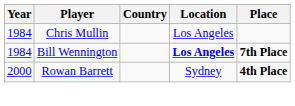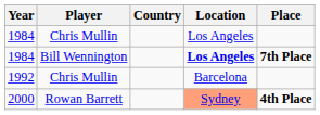 <table class="wikitable"; style = "text-align:center">
 <tr>
 <th width=px>Year</th>
 <th width=px>Player</th>
 <th width=px>Country</th>
 <th width=px>Location</th>
 <th width=px>Place</th>
 </tr>
 <tr>
 <td><a href='#'>1984</a></td>
 <td><a href='#'>Chris Mullin</a></td>
 <td></td>
 <td><a href='#'>Los Angeles</a></td>
 <td></td>
 </tr>
 <tr>
 <td><a href='#'>1984</a></td>
 <td><a href='#'>Bill Wennington</a></td>
 <td></td>
 <td><strong><a href='#'>Los Angeles</a></strong></td>
 <td><strong>7th Place</strong></td>
 </tr>
 <tr>
+<td><a href='#'>1992</a></td>
+<td><a href='#'>Chris Mullin</a></td>
+<td></td>
+<td><a href='#'>Barcelona</a></td>
+<td></td>
+</tr>
+<tr>
 <td><a href='#'>2000</a></td>
 <td><a href='#'>Rowan Barrett</a></td>
 <td></td>
-<td><a href='#'>Sydney</a></td>
+<td style="background: lightsalmon;"><a href='#'>Sydney</a></td>
 <td><strong>4th Place</strong></td>
 </tr>
 </table>
